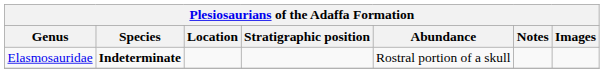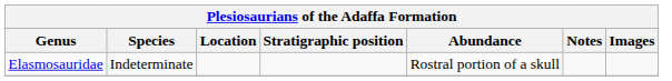 <table class="wikitable" align="center">
 <tr>
 <th colspan="7" align="center"><strong><a href='#'>Plesiosaurians</a> of the Adaffa Formation</strong></th>
 </tr>
 <tr>
 <th>Genus</th>
 <th>Species</th>
 <th>Location</th>
 <th>Stratigraphic position</th>
 <th>Abundance</th>
 <th>Notes</th>
 <th>Images</th>
 </tr>
 <tr>
 <td><a href='#'>Elasmosauridae</a></td>
-<td><strong>Indeterminate</strong></td>
+<td>Indeterminate</td>
 <td></td>
 <td></td>
 <td>Rostral portion of a skull</td>
 <td></td>
 <td></td>
 </tr>
 <tr>
 </tr>
 </table>
